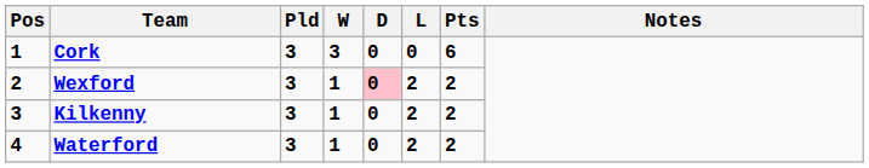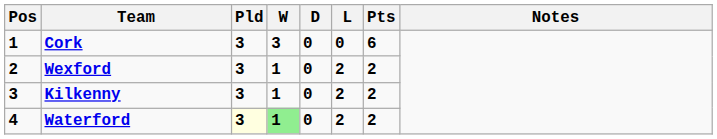 <table class="wikitable" style="text-align: centre;">
 <tr>
 <th width=20>Pos</th>
 <th width=150>Team</th>
 <th width=20>Pld</th>
 <th width=20>W</th>
 <th width=20>D</th>
 <th width=20>L</th>
 <th width=20>Pts</th>
 <th width=250>Notes</th>
 </tr>
 <tr style>
 <td><strong>1</strong></td>
 <td align=left><strong> <a href='#'>Cork</a> </strong></td>
 <td><strong>3</strong></td>
 <td><strong>3</strong></td>
 <td><strong>0</strong></td>
 <td><strong>0</strong></td>
 <td><strong>6</strong></td>
 </tr>
 <tr style>
 <td><strong>2</strong></td>
 <td align=left><strong> <a href='#'>Wexford</a> </strong></td>
 <td><strong>3</strong></td>
 <td><strong>1</strong></td>
-<td style="background: pink;"><strong>0</strong></td>
+<td><strong>0</strong></td>
 <td><strong>2</strong></td>
 <td><strong>2</strong></td>
 </tr>
 <tr>
 <td><strong>3</strong></td>
 <td align=left><strong> <a href='#'>Kilkenny</a> </strong></td>
 <td><strong>3</strong></td>
 <td><strong>1</strong></td>
 <td><strong>0</strong></td>
 <td><strong>2</strong></td>
 <td><strong>2</strong></td>
 </tr>
 <tr>
 <td><strong>4</strong></td>
 <td align=left><strong> <a href='#'>Waterford</a> </strong></td>
-<td><strong>3</strong></td>
-<td><strong>1</strong></td>
+<td style="background: lightyellow;"><strong>3</strong></td>
+<td style="background: lightgreen;"><strong>1</strong></td>
 <td><strong>0</strong></td>
 <td><strong>2</strong></td>
 <td><strong>2</strong></td>
 </tr>
 </table>
